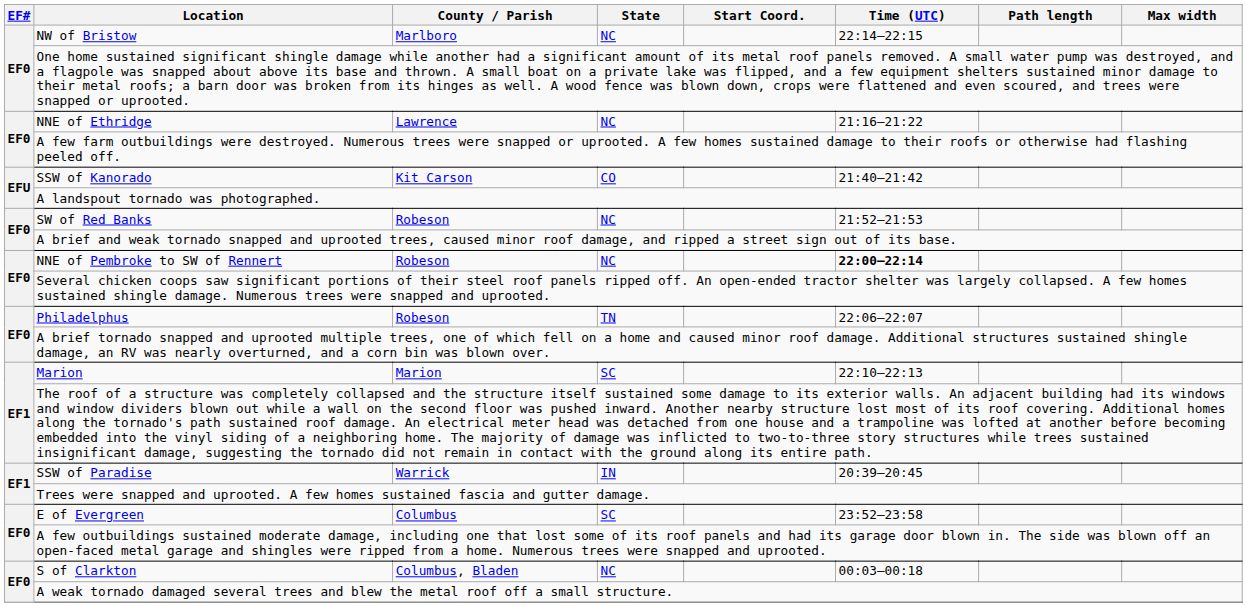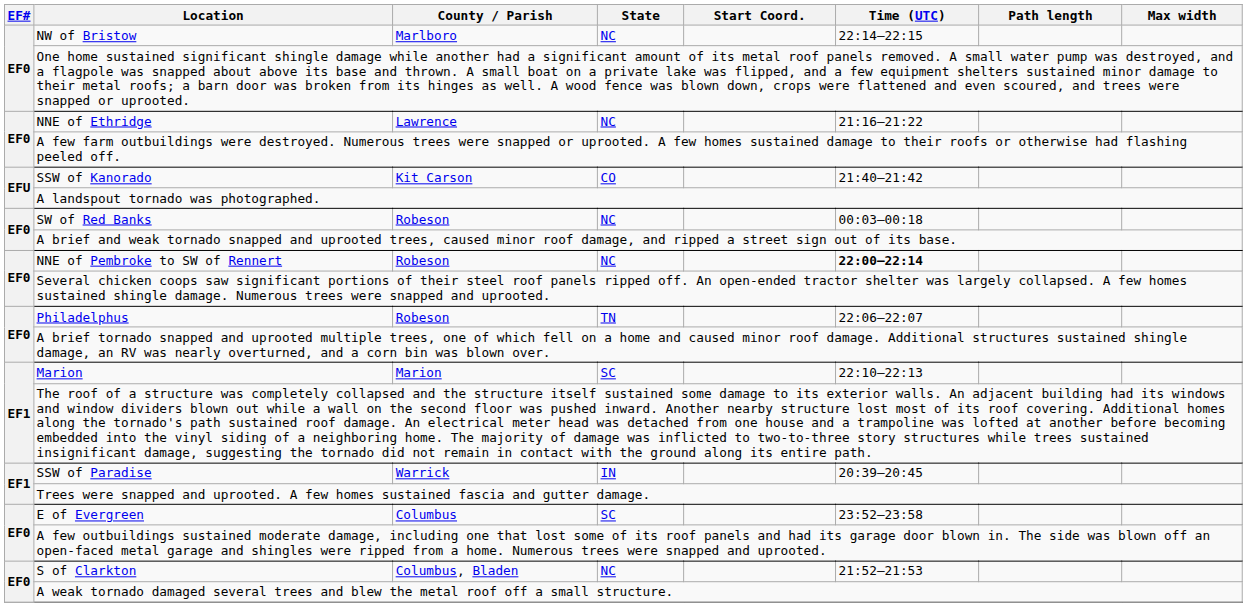 <table class="wikitable sortable" style="width:100%;">
 <tr>
 <th scope="col" width="2%" align="center"><a href='#'>EF#</a></th>
 <th scope="col" align="center" class="unsortable">Location</th>
 <th scope="col" align="center" class="unsortable">County / Parish</th>
 <th scope="col" align="center">State</th>
 <th scope="col" align="center">Start Coord.</th>
 <th scope="col" align="center">Time (<a href='#'>UTC</a>)</th>
 <th scope="col" align="center">Path length</th>
 <th scope="col" align="center">Max width</th>
 </tr>
 <tr>
 <th scope="row" rowspan="2" style="background-color:#">EF0</th>
 <td>NW of <a href='#'>Bristow</a></td>
 <td><a href='#'>Marlboro</a></td>
 <td><a href='#'>NC</a></td>
 <td></td>
 <td>22:14–22:15</td>
 <td></td>
 <td></td>
 </tr>
 <tr class="expand-child">
 <td colspan="8" style=" border-bottom: 1px solid black;">One home sustained significant shingle damage while another had a significant amount of its metal roof panels removed. A small water pump was destroyed, and a  flagpole was snapped about  above its base and thrown. A small boat on a private lake was flipped, and a few equipment shelters sustained minor damage to their metal roofs; a barn door was broken from its hinges as well. A wood fence was blown down, crops were flattened and even scoured, and trees were snapped or uprooted.</td>
 </tr>
 <tr>
 <th scope="row" rowspan="2" style="background-color:#">EF0</th>
 <td>NNE of <a href='#'>Ethridge</a></td>
 <td><a href='#'>Lawrence</a></td>
 <td><a href='#'>NC</a></td>
 <td></td>
 <td>21:16–21:22</td>
 <td></td>
 <td></td>
 </tr>
 <tr class="expand-child">
 <td colspan="8" style=" border-bottom: 1px solid black;">A few farm outbuildings were destroyed. Numerous trees were snapped or uprooted. A few homes sustained damage to their roofs or otherwise had flashing peeled off.</td>
 </tr>
 <tr>
 <th scope="row" rowspan="2" style="background-color:#">EFU</th>
 <td>SSW of <a href='#'>Kanorado</a></td>
 <td><a href='#'>Kit Carson</a></td>
 <td><a href='#'>CO</a></td>
 <td></td>
 <td>21:40–21:42</td>
 <td></td>
 <td></td>
 </tr>
 <tr class="expand-child">
 <td colspan="8" style=" border-bottom: 1px solid black;">A landspout tornado was photographed.</td>
 </tr>
 <tr>
 <th scope="row" rowspan="2" style="background-color:#">EF0</th>
 <td>SW of <a href='#'>Red Banks</a></td>
 <td><a href='#'>Robeson</a></td>
 <td><a href='#'>NC</a></td>
 <td></td>
-<td>21:52–21:53</td>
+<td>00:03–00:18</td>
 <td></td>
 <td></td>
 </tr>
 <tr class="expand-child">
 <td colspan="8" style=" border-bottom: 1px solid black;">A brief and weak tornado snapped and uprooted trees, caused minor roof damage, and ripped a street sign out of its base.</td>
 </tr>
 <tr>
 <th scope="row" rowspan="2" style="background-color:#">EF0</th>
 <td>NNE of <a href='#'>Pembroke</a> to SW of <a href='#'>Rennert</a></td>
 <td><a href='#'>Robeson</a></td>
 <td><a href='#'>NC</a></td>
 <td></td>
 <td><strong>22:00–22:14</strong></td>
 <td></td>
 <td></td>
 </tr>
 <tr class="expand-child">
 <td colspan="8" style=" border-bottom: 1px solid black;">Several chicken coops saw significant portions of their steel roof panels ripped off. An open-ended tractor shelter was largely collapsed. A few homes sustained shingle damage. Numerous trees were snapped and uprooted.</td>
 </tr>
 <tr>
 <th scope="row" rowspan="2" style="background-color:#">EF0</th>
 <td><a href='#'>Philadelphus</a></td>
 <td><a href='#'>Robeson</a></td>
 <td><a href='#'>TN</a></td>
 <td></td>
 <td>22:06–22:07</td>
 <td></td>
 <td></td>
 </tr>
 <tr class="expand-child">
 <td colspan="8" style=" border-bottom: 1px solid black;">A brief tornado snapped and uprooted multiple trees, one of which fell on a home and caused minor roof damage. Additional structures sustained shingle damage, an RV was nearly overturned, and a corn bin was blown over.</td>
 </tr>
 <tr>
 <th scope="row" rowspan="2" style="background-color:#">EF1</th>
 <td><a href='#'>Marion</a></td>
 <td><a href='#'>Marion</a></td>
 <td><a href='#'>SC</a></td>
 <td></td>
 <td>22:10–22:13</td>
 <td></td>
 <td></td>
 </tr>
 <tr class="expand-child">
 <td colspan="8" style=" border-bottom: 1px solid black;">The roof of a structure was completely collapsed and the structure itself sustained some damage to its exterior walls. An adjacent building had its windows and window dividers blown out while a wall on the second floor was pushed inward. Another nearby structure lost most of its roof covering. Additional homes along the tornado's path sustained roof damage. An electrical meter head was detached from one house and a trampoline was lofted at another before becoming embedded into the vinyl siding of a neighboring home. The majority of damage was inflicted to two-to-three story structures while trees sustained insignificant damage, suggesting the tornado did not remain in contact with the ground along its entire path.</td>
 </tr>
 <tr>
 <th scope="row" rowspan="2" style="background-color:#">EF1</th>
 <td>SSW of <a href='#'>Paradise</a></td>
 <td><a href='#'>Warrick</a></td>
 <td><a href='#'>IN</a></td>
 <td></td>
 <td>20:39–20:45</td>
 <td></td>
 <td></td>
 </tr>
 <tr class="expand-child">
 <td colspan="8" style=" border-bottom: 1px solid black;">Trees were snapped and uprooted. A few homes sustained fascia and gutter damage.</td>
 </tr>
 <tr>
 <th scope="row" rowspan="2" style="background-color:#">EF0</th>
 <td>E of <a href='#'>Evergreen</a></td>
 <td><a href='#'>Columbus</a></td>
 <td><a href='#'>SC</a></td>
 <td></td>
 <td>23:52–23:58</td>
 <td></td>
 <td></td>
 </tr>
 <tr class="expand-child">
 <td colspan="8" style=" border-bottom: 1px solid black;">A few outbuildings sustained moderate damage, including one that lost some of its roof panels and had its garage door blown in. The side was blown off an open-faced metal garage and shingles were ripped from a home. Numerous trees were snapped and uprooted.</td>
 </tr>
 <tr>
 <th scope="row" rowspan="2" style="background-color:#">EF0</th>
 <td>S of <a href='#'>Clarkton</a></td>
 <td><a href='#'>Columbus</a>, <a href='#'>Bladen</a></td>
 <td><a href='#'>NC</a></td>
 <td></td>
-<td>00:03–00:18</td>
+<td>21:52–21:53</td>
 <td></td>
 <td></td>
 </tr>
 <tr class="expand-child">
 <td colspan="8" style=" border-bottom: 1px solid black;">A weak tornado damaged several trees and blew the metal roof off a small structure.</td>
 </tr>
 <tr>
 </tr>
 </table>
